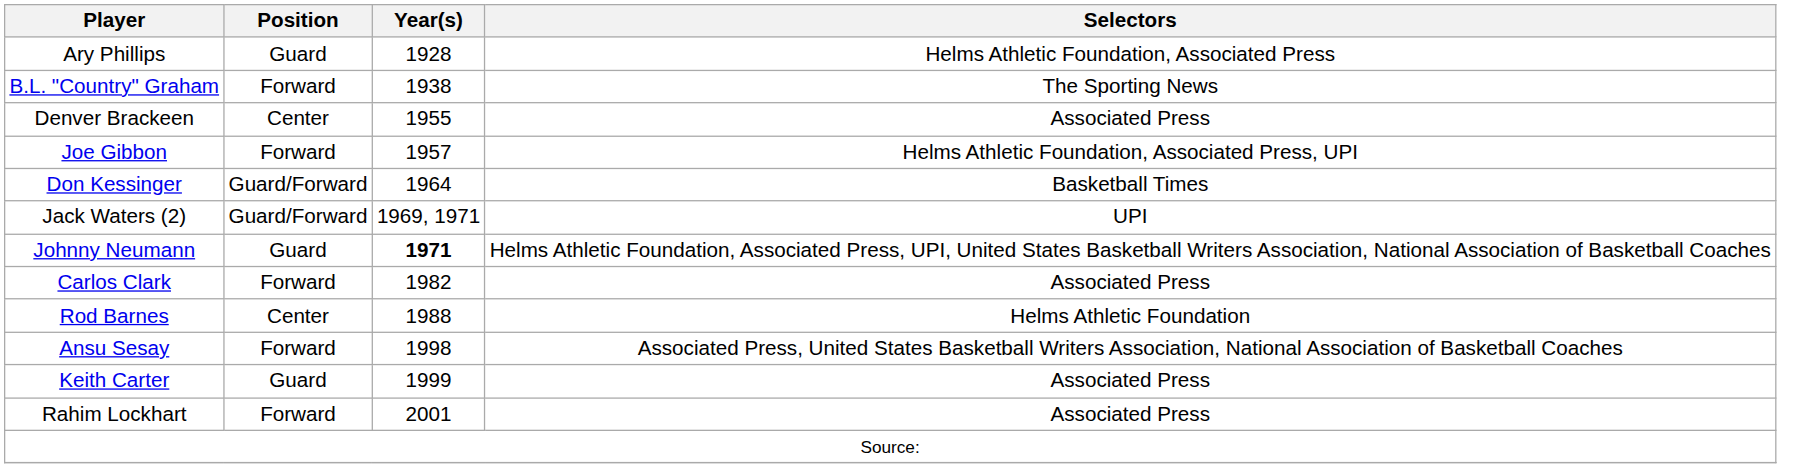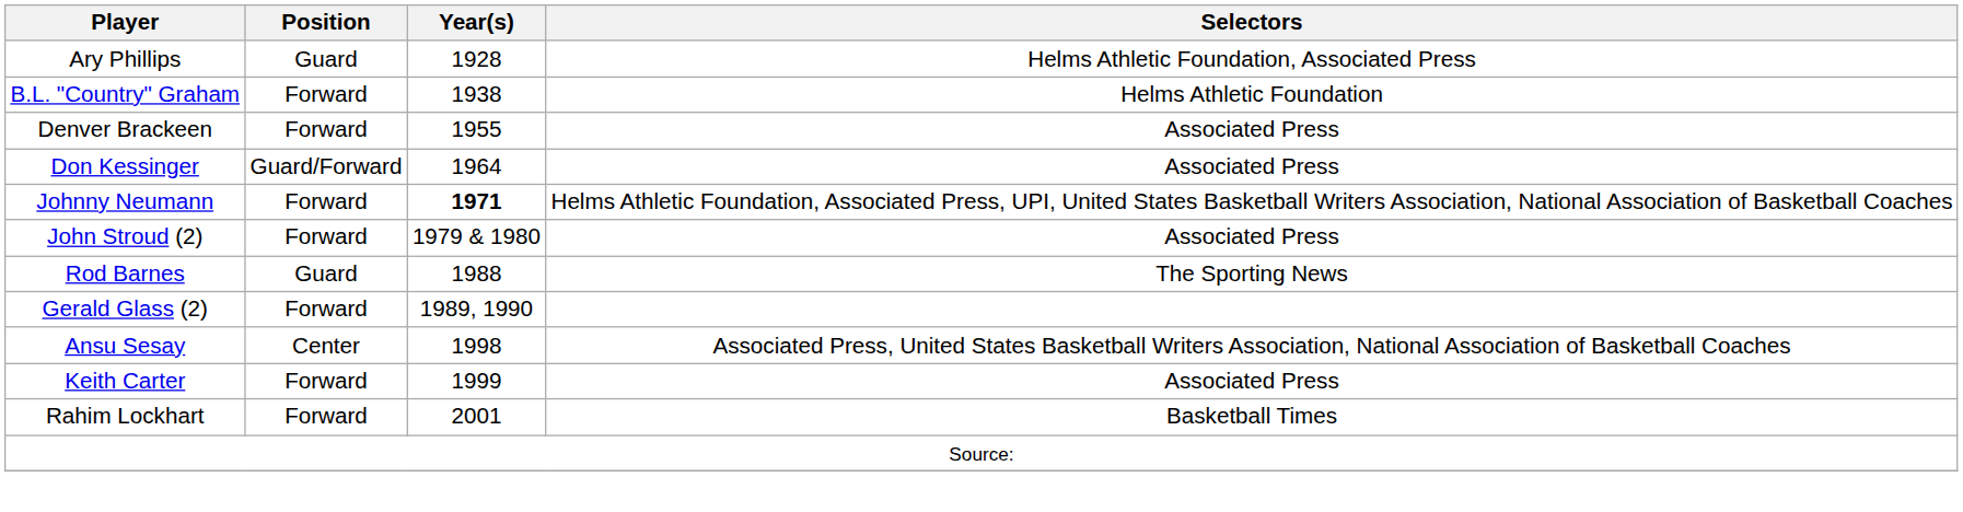 <table class="wikitable" style="background:white; min-width:70%">
 <tr>
 <th>Player</th>
 <th>Position</th>
 <th>Year(s)</th>
 <th>Selectors</th>
 </tr>
 <tr align="center">
 <td>Ary Phillips</td>
 <td>Guard</td>
 <td>1928</td>
 <td>Helms Athletic Foundation, Associated Press</td>
 </tr>
 <tr align="center">
 <td><a href='#'>B.L. "Country" Graham</a></td>
 <td>Forward</td>
 <td>1938</td>
-<td>The Sporting News</td>
+<td>Helms Athletic Foundation</td>
 </tr>
 <tr align="center">
 <td>Denver Brackeen</td>
-<td>Center</td>
+<td>Forward</td>
 <td>1955</td>
 <td>Associated Press</td>
-</tr>
-<tr align="center">
-<td><a href='#'>Joe Gibbon</a></td>
-<td>Forward</td>
-<td>1957</td>
-<td>Helms Athletic Foundation, Associated Press, UPI</td>
 </tr>
 <tr align="center">
 <td><a href='#'>Don Kessinger</a></td>
 <td>Guard/Forward</td>
 <td>1964</td>
-<td>Basketball Times</td>
-</tr>
-<tr align="center">
-<td>Jack Waters (2)</td>
-<td>Guard/Forward</td>
-<td>1969, 1971</td>
-<td>UPI</td>
+<td>Associated Press</td>
 </tr>
 <tr align="center">
 <td><a href='#'>Johnny Neumann</a></td>
-<td>Guard</td>
+<td>Forward</td>
 <td><strong>1971</strong></td>
 <td>Helms Athletic Foundation, Associated Press, UPI, United States Basketball Writers Association, National Association of Basketball Coaches</td>
 </tr>
 <tr align="center">
-<td><a href='#'>Carlos Clark</a></td>
+<td><a href='#'>John Stroud</a> (2)</td>
 <td>Forward</td>
-<td>1982</td>
+<td>1979 & 1980</td>
 <td>Associated Press</td>
 </tr>
 <tr align="center">
 <td><a href='#'>Rod Barnes</a></td>
-<td>Center</td>
+<td>Guard</td>
 <td>1988</td>
-<td>Helms Athletic Foundation</td>
+<td>The Sporting News</td>
+</tr>
+<tr align="center">
+<td><a href='#'>Gerald Glass</a> (2)</td>
+<td>Forward</td>
+<td>1989, 1990</td>
+<td></td>
 </tr>
 <tr align="center">
 <td><a href='#'>Ansu Sesay</a></td>
-<td>Forward</td>
+<td>Center</td>
 <td>1998</td>
 <td>Associated Press, United States Basketball Writers Association, National Association of Basketball Coaches</td>
 </tr>
 <tr align="center">
 <td><a href='#'>Keith Carter</a></td>
-<td>Guard</td>
+<td>Forward</td>
 <td>1999</td>
 <td>Associated Press</td>
 </tr>
 <tr align="center">
 <td>Rahim Lockhart</td>
 <td>Forward</td>
 <td>2001</td>
-<td>Associated Press</td>
+<td>Basketball Times</td>
 </tr>
 <tr align="center">
 <td colspan=4><small>Source:</small></td>
 </tr>
 <tr>
 </tr>
 </table>
